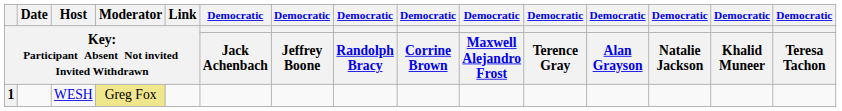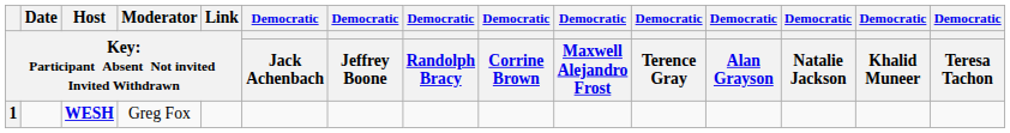 <table class="wikitable" style="text-align:center;">
 <tr>
 <th scope="col"></th>
 <th scope="col">Date</th>
 <th scope="col">Host</th>
 <th scope="col">Moderator</th>
 <th scope="col">Link</th>
 <th scope="col"><small><a href='#'>Democratic</a></small></th>
 <th scope="col"><small><a href='#'>Democratic</a></small></th>
 <th scope="col"><small><a href='#'>Democratic</a></small></th>
 <th scope="col"><small><a href='#'>Democratic</a></small></th>
 <th scope="col"><small><a href='#'>Democratic</a></small></th>
 <th scope="col"><small><a href='#'>Democratic</a></small></th>
 <th scope="col"><small><a href='#'>Democratic</a></small></th>
 <th scope="col"><small><a href='#'>Democratic</a></small></th>
 <th scope="col"><small><a href='#'>Democratic</a></small></th>
 <th scope="col"><small><a href='#'>Democratic</a></small></th>
 </tr>
 <tr>
 <th colspan="5" rowspan="2">Key:<br> <small>Participant </small>  <small>Absent </small>  <small>Not invited </small>  <small>Invited  Withdrawn</small></th>
 <th scope="col" style="background:"></th>
 <th scope="col" style="background:"></th>
 <th scope="col" style="background:"></th>
 <th scope="col" style="background:"></th>
 <th scope="col" style="background:"></th>
 <th scope="col" style="background:"></th>
 <th scope="col" style="background:"></th>
 <th scope="col" style="background:"></th>
 <th scope="col" style="background:"></th>
 <th scope="col" style="background:"></th>
 </tr>
 <tr>
 <th scope="col">Jack Achenbach</th>
 <th scope="col">Jeffrey Boone</th>
 <th scope="col"><a href='#'>Randolph Bracy</a></th>
 <th scope="col"><a href='#'>Corrine Brown</a></th>
 <th scope="col"><a href='#'>Maxwell Alejandro Frost</a></th>
 <th scope="col">Terence Gray</th>
 <th scope="col"><a href='#'>Alan Grayson</a></th>
 <th scope="col">Natalie Jackson</th>
 <th scope="col">Khalid Muneer</th>
 <th scope="col">Teresa Tachon</th>
 </tr>
 <tr>
 <th>1</th>
 <td style="white-space:nowrap;"></td>
-<td style="white-space:nowrap;"><a href='#'>WESH</a></td>
-<td style="background: khaki; white-space:nowrap;">Greg Fox</td>
+<td style="white-space:nowrap;"><strong><a href='#'>WESH</a></strong></td>
+<td style="white-space:nowrap;">Greg Fox</td>
 <td style="white-space:nowrap;"></td>
 <td></td>
 <td></td>
 <td></td>
 <td></td>
 <td></td>
 <td></td>
 <td></td>
 <td></td>
 <td></td>
 <td></td>
 </tr>
 </table>
